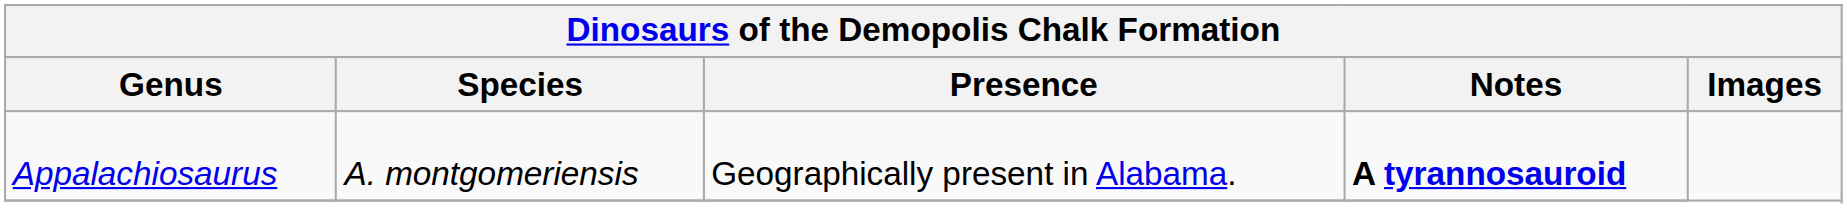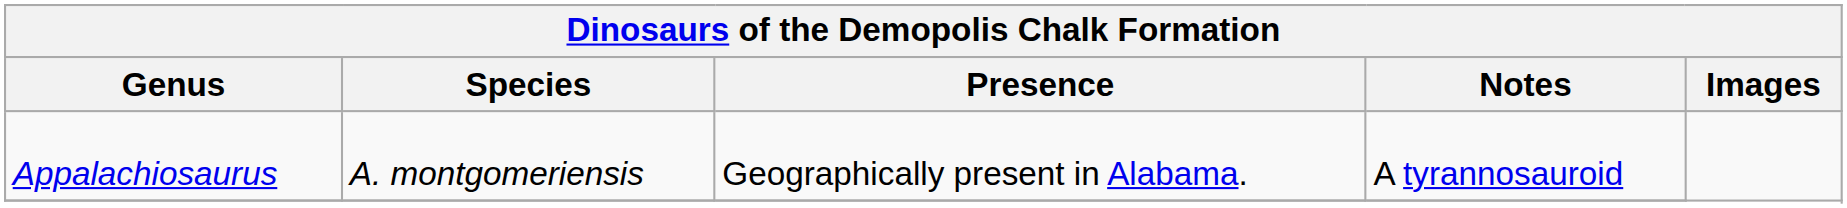 <table class="wikitable" align="center" width="100%">
 <tr>
 <th colspan="5" align="center"><strong><a href='#'>Dinosaurs</a> of the Demopolis Chalk Formation</strong></th>
 </tr>
 <tr>
 <th>Genus</th>
 <th>Species</th>
 <th>Presence</th>
 <th>Notes</th>
 <th>Images</th>
 </tr>
 <tr>
 <td><br><em><a href='#'>Appalachiosaurus</a></em></td>
 <td><br><em>A. montgomeriensis</em></td>
 <td><br>Geographically present in <a href='#'>Alabama</a>.</td>
-<td><strong><br>A <a href='#'>tyrannosauroid</a></strong></td>
+<td><br>A <a href='#'>tyrannosauroid</a></td>
 <td rowspan="99"><br></td>
 </tr>
 <tr>
 </tr>
 </table>
